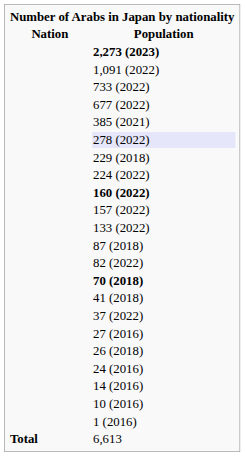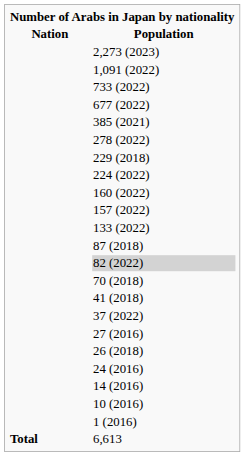 <table class="infobox" align="right">
 <tr>
 <td colspan="2"><strong>Number of Arabs in Japan by nationality</strong></td>
 </tr>
 <tr>
 <th>Nation</th>
 <th>Population</th>
 </tr>
 <tr>
 <td></td>
-<td><strong>2,273 (2023)</strong></td>
+<td>2,273 (2023)</td>
 </tr>
 <tr>
 <td></td>
 <td>1,091 (2022)</td>
 </tr>
 <tr>
 <td></td>
 <td>733 (2022)</td>
 </tr>
 <tr>
 <td></td>
 <td>677 (2022)</td>
 </tr>
 <tr>
 <td></td>
 <td>385 (2021)</td>
 </tr>
 <tr>
 <td></td>
-<td style="background: lavender;">278 (2022)</td>
+<td>278 (2022)</td>
 </tr>
 <tr>
 <td></td>
 <td>229 (2018)</td>
 </tr>
 <tr>
 <td></td>
 <td>224 (2022)</td>
 </tr>
 <tr>
 <td></td>
-<td><strong>160 (2022)</strong></td>
+<td>160 (2022)</td>
 </tr>
 <tr>
 <td></td>
 <td>157 (2022)</td>
 </tr>
 <tr>
 <td></td>
 <td>133 (2022)</td>
 </tr>
 <tr>
 <td></td>
 <td>87 (2018)</td>
 </tr>
 <tr>
 <td></td>
-<td>82 (2022)</td>
+<td style="background: lightgrey;">82 (2022)</td>
 </tr>
 <tr>
 <td></td>
-<td><strong>70 (2018)</strong></td>
+<td>70 (2018)</td>
 </tr>
 <tr>
 <td></td>
 <td>41 (2018)</td>
 </tr>
 <tr>
 <td></td>
 <td>37 (2022)</td>
 </tr>
 <tr>
 <td></td>
 <td>27 (2016)</td>
 </tr>
 <tr>
 <td></td>
 <td>26 (2018)</td>
 </tr>
 <tr>
 <td></td>
 <td>24 (2016)</td>
 </tr>
 <tr>
 <td></td>
 <td>14 (2016)</td>
 </tr>
 <tr>
 <td></td>
 <td>10 (2016)</td>
 </tr>
 <tr>
 <td></td>
 <td>1 (2016)</td>
 </tr>
 <tr>
 <td><strong>Total</strong></td>
 <td>6,613</td>
 </tr>
 </table>
